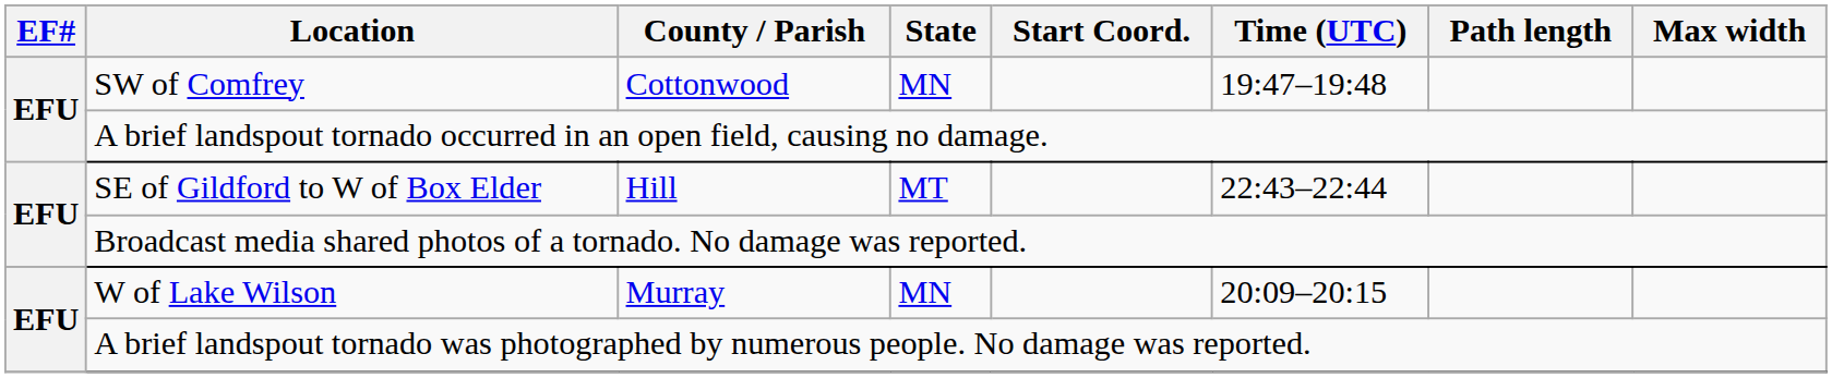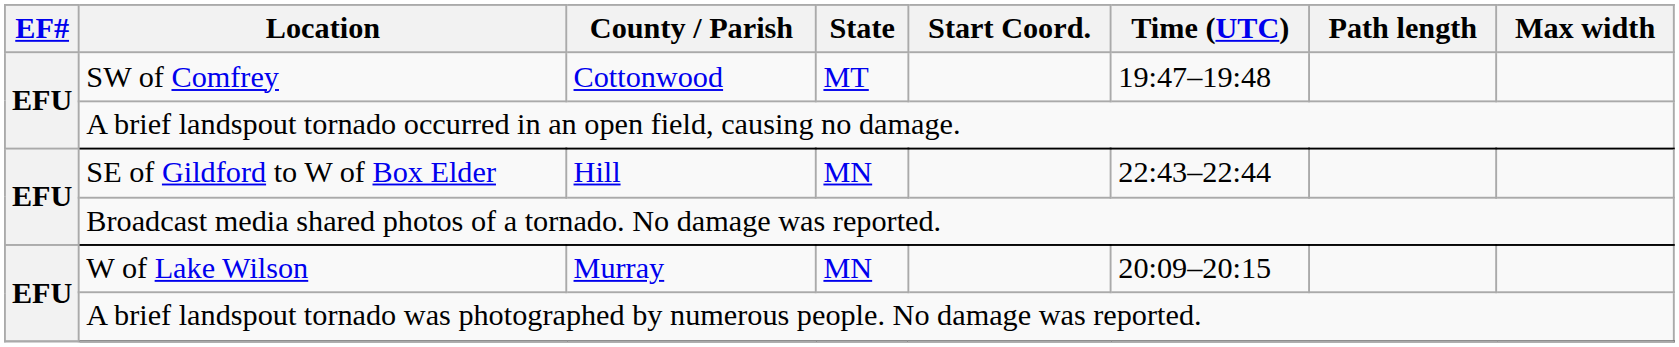 <table class="wikitable sortable" style="width:100%;">
 <tr>
 <th scope="col" width="2%" align="center"><a href='#'>EF#</a></th>
 <th scope="col" align="center" class="unsortable">Location</th>
 <th scope="col" align="center" class="unsortable">County / Parish</th>
 <th scope="col" align="center">State</th>
 <th scope="col" align="center">Start Coord.</th>
 <th scope="col" align="center">Time (<a href='#'>UTC</a>)</th>
 <th scope="col" align="center">Path length</th>
 <th scope="col" align="center">Max width</th>
 </tr>
 <tr>
 <th scope="row" rowspan="2" style="background-color:#">EFU</th>
 <td>SW of <a href='#'>Comfrey</a></td>
 <td><a href='#'>Cottonwood</a></td>
-<td><a href='#'>MN</a></td>
+<td><a href='#'>MT</a></td>
 <td></td>
 <td>19:47–19:48</td>
 <td></td>
 <td></td>
 </tr>
 <tr class="expand-child">
 <td colspan="8" style=" border-bottom: 1px solid black;">A brief landspout tornado occurred in an open field, causing no damage.</td>
 </tr>
 <tr>
 <th scope="row" rowspan="2" style="background-color:#">EFU</th>
 <td>SE of <a href='#'>Gildford</a> to W of <a href='#'>Box Elder</a></td>
 <td><a href='#'>Hill</a></td>
-<td><a href='#'>MT</a></td>
+<td><a href='#'>MN</a></td>
 <td></td>
 <td>22:43–22:44</td>
 <td></td>
 <td></td>
 </tr>
 <tr class="expand-child">
 <td colspan="8" style=" border-bottom: 1px solid black;">Broadcast media shared photos of a tornado. No damage was reported.</td>
 </tr>
 <tr>
 <th scope="row" rowspan="2" style="background-color:#">EFU</th>
 <td>W of <a href='#'>Lake Wilson</a></td>
 <td><a href='#'>Murray</a></td>
 <td><a href='#'>MN</a></td>
 <td></td>
 <td>20:09–20:15</td>
 <td></td>
 <td></td>
 </tr>
 <tr class="expand-child">
 <td colspan="8" style=" border-bottom: 1px solid black;">A brief landspout tornado was photographed by numerous people. No damage was reported.</td>
 </tr>
 <tr>
 </tr>
 </table>
